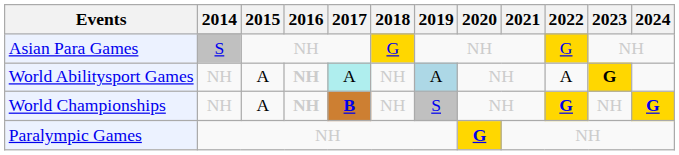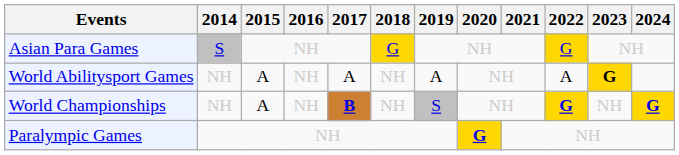 <table class="wikitable" style="font-size: 90%; text-align:center">
 <tr>
 <th>Events</th>
 <th>2014</th>
 <th>2015</th>
 <th>2016</th>
 <th>2017</th>
 <th>2018</th>
 <th>2019</th>
 <th>2020</th>
 <th>2021</th>
 <th>2022</th>
 <th>2023</th>
 <th>2024</th>
 </tr>
 <tr>
 <td bgcolor="#ECF2FF"; align="left"><a href='#'>Asian Para Games</a></td>
 <td bgcolor=silver><a href='#'>S</a></td>
 <td colspan="3" style=color:#ccc>NH</td>
 <td bgcolor=gold><a href='#'>G</a></td>
 <td colspan="3" style=color:#ccc>NH</td>
 <td bgcolor=gold><a href='#'>G</a></td>
 <td colspan="3" style=color:#ccc>NH</td>
 </tr>
 <tr>
 <td bgcolor="#ECF2FF"; align="left"><a href='#'>World Abilitysport Games</a></td>
 <td style=color:#ccc>NH</td>
 <td>A</td>
-<td style=color:#ccc><strong>NH</strong></td>
-<td style="background: paleturquoise;">A</td>
 <td style=color:#ccc>NH</td>
-<td style="background: lightblue;">A</td>
+<td>A</td>
+<td style=color:#ccc>NH</td>
+<td>A</td>
 <td colspan="2" style=color:#ccc>NH</td>
 <td>A</td>
 <td 2023; bgcolor=gold><strong>G</strong></td>
 <td></td>
 </tr>
 <tr>
 <td bgcolor="#ECF2FF"; align="left"><a href='#'>World Championships</a></td>
 <td style=color:#ccc>NH</td>
 <td>A</td>
-<td style=color:#ccc><strong>NH</strong></td>
+<td style=color:#ccc>NH</td>
 <td bgcolor=CD7F32><strong><a href='#'>B</a></strong></td>
 <td style=color:#ccc>NH</td>
 <td bgcolor=silver><a href='#'>S</a></td>
 <td colspan="2" style=color:#ccc>NH</td>
 <td bgcolor=gold><strong><a href='#'>G</a></strong></td>
 <td style=color:#ccc>NH</td>
 <td bgcolor=gold><strong><a href='#'>G</a></strong></td>
 </tr>
 <tr>
 <td bgcolor="#ECF2FF"; align="left"><a href='#'>Paralympic Games</a></td>
 <td colspan="6" style=color:#ccc>NH</td>
 <td bgcolor=gold><strong><a href='#'>G</a></strong></td>
 <td colspan="4" style=color:#ccc>NH</td>
 </tr>
 </table>
